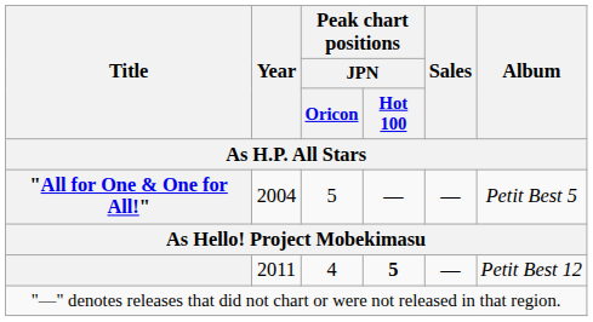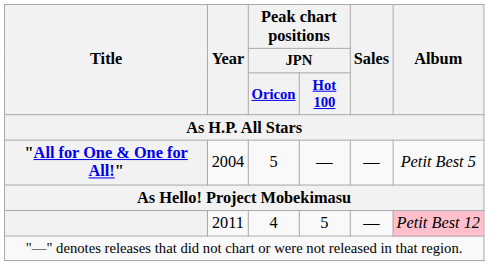 <table class="wikitable plainrowheaders" style="text-align:center;">
 <tr>
 <th scope="col" rowspan="3" style="width:12em;">Title</th>
 <th scope="col" rowspan="3">Year</th>
 <th scope="col" colspan="2">Peak chart positions</th>
 <th scope="col" rowspan="3">Sales</th>
 <th scope="col" rowspan="3">Album</th>
 </tr>
 <tr>
 <th scope="col" style="width:3em;font-size:90%;" colspan="2">JPN</th>
 </tr>
 <tr>
 <th scope="col" style="width:3em;font-size:90%;"><a href='#'>Oricon</a></th>
 <th scope="col" style="width:3em;font-size:90%;"><a href='#'>Hot 100</a></th>
 </tr>
 <tr>
 <th scope="col" colspan="6">As H.P. All Stars</th>
 </tr>
 <tr>
 <th scope="row">"<a href='#'>All for One & One for All!</a>"</th>
 <td>2004</td>
 <td>5</td>
 <td>—</td>
 <td>—</td>
 <td><em>Petit Best 5</em></td>
 </tr>
 <tr>
 <th scope="col" colspan="6">As Hello! Project Mobekimasu</th>
 </tr>
 <tr>
 <th scope="row"></th>
 <td>2011</td>
 <td>4</td>
-<td><strong>5</strong></td>
+<td>5</td>
 <td>—</td>
-<td><em>Petit Best 12</em></td>
+<td style="background: pink;"><em>Petit Best 12</em></td>
 </tr>
 <tr>
 <td colspan="6" style="font-size:90%;">"—" denotes releases that did not chart or were not released in that region.</td>
 </tr>
 <tr>
 </tr>
 </table>
